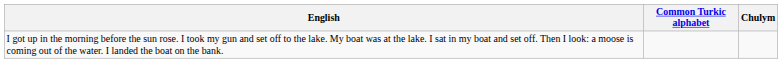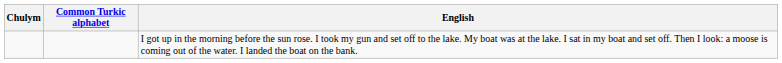 <table class="wikitable">
 <tr>
+<th>Chulym</th>
+<th><a href='#'>Common Turkic alphabet</a></th>
 <th>English</th>
-<th><a href='#'>Common Turkic alphabet</a></th>
-<th>Chulym</th>
 </tr>
 <tr>
-<td>I got up in the morning before the sun rose. I took my gun and set off to the lake. My boat was at the lake. I sat in my boat and set off. Then I look: a moose is coming out of the water. I landed the boat on the bank.</td>
 <td></td>
 <td></td>
+<td>I got up in the morning before the sun rose. I took my gun and set off to the lake. My boat was at the lake. I sat in my boat and set off. Then I look: a moose is coming out of the water. I landed the boat on the bank.</td>
 </tr>
 </table>
